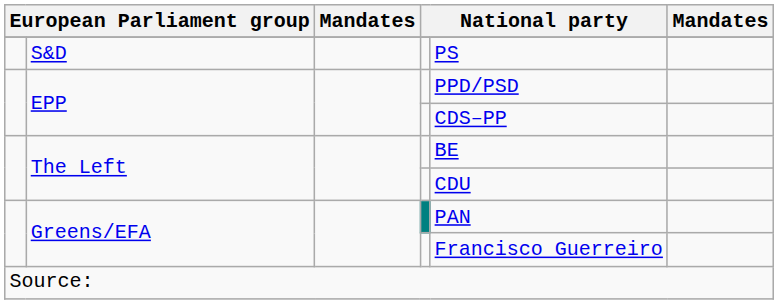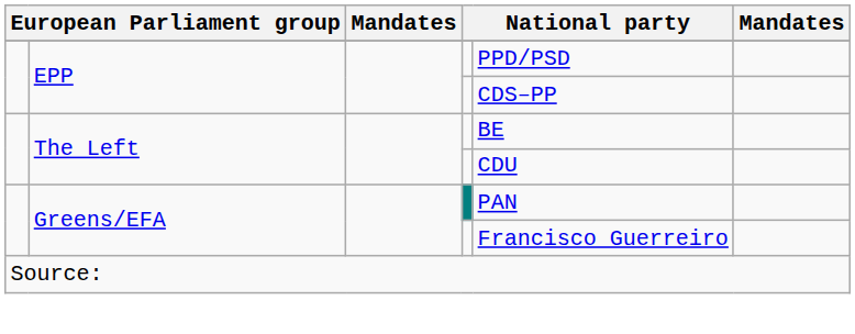 <table class="wikitable">
 <tr>
 <th colspan="2">European Parliament group</th>
 <th>Mandates</th>
 <th colspan="2">National party</th>
 <th>Mandates</th>
 </tr>
 <tr>
-</tr>
-<tr>
-<td style="color:inherit;background:"></td>
-<td><a href='#'>S&D</a><br></td>
-<td></td>
-<td style="color:inherit;background:"></td>
-<td><a href='#'>PS</a><br></td>
-<td></td>
 </tr>
 <tr>
 <td rowspan="2" style="color:inherit;background:"></td>
 <td rowspan="2"><a href='#'>EPP</a><br></td>
 <td rowspan="2"></td>
 <td style="color:inherit;background:"></td>
 <td><a href='#'>PPD/PSD</a><br></td>
 <td></td>
 </tr>
 <tr>
 <td style="color:inherit;background:"></td>
 <td><a href='#'>CDS–PP</a><br></td>
 <td></td>
 </tr>
 <tr>
 <td rowspan="2" style="color:inherit;background:"></td>
 <td rowspan="2"><a href='#'>The Left</a><br></td>
 <td rowspan="2"></td>
 <td style="color:inherit;background:"></td>
 <td><a href='#'>BE</a><br></td>
 <td></td>
 </tr>
 <tr>
 <td style="color:inherit;background:"></td>
 <td><a href='#'>CDU</a><br></td>
 <td></td>
 </tr>
 <tr>
 <td rowspan="2" style="color:inherit;background:"></td>
 <td rowspan="2"><a href='#'>Greens/EFA</a><br></td>
 <td rowspan="2"></td>
 <td style="background:teal"></td>
 <td><a href='#'>PAN</a><br></td>
 <td></td>
 </tr>
 <tr>
 <td style="color:inherit;background:"></td>
 <td><a href='#'>Francisco Guerreiro</a><br></td>
 <td></td>
 </tr>
 <tr>
 <td colspan="6">Source: </td>
 </tr>
 </table>
